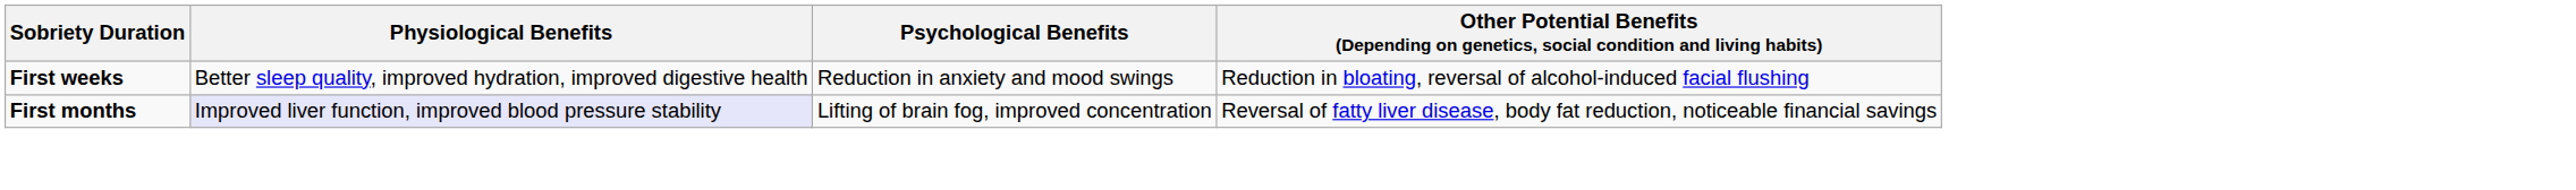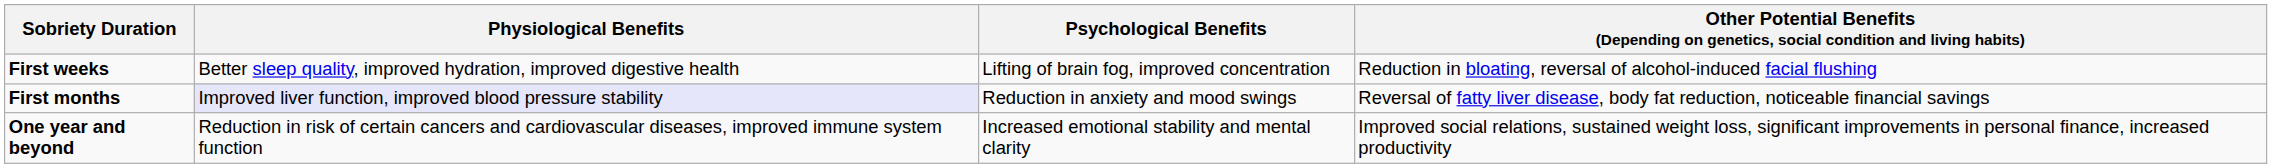 <table class="wikitable">
 <tr>
 <th>Sobriety Duration</th>
 <th>Physiological Benefits</th>
 <th>Psychological Benefits</th>
 <th>Other Potential Benefits <br> <small>(Depending on genetics, social condition and living habits)</small></th>
 </tr>
 <tr>
 <td><strong>First weeks</strong></td>
 <td>Better <a href='#'>sleep quality</a>, improved hydration, improved digestive health</td>
-<td>Reduction in anxiety and mood swings</td>
+<td>Lifting of brain fog, improved concentration</td>
 <td>Reduction in <a href='#'>bloating</a>, reversal of alcohol-induced <a href='#'> facial flushing</a></td>
 </tr>
 <tr>
 <td><strong>First months</strong></td>
 <td style="background: lavender;">Improved liver function, improved blood pressure stability</td>
-<td>Lifting of brain fog, improved concentration</td>
+<td>Reduction in anxiety and mood swings</td>
 <td>Reversal of <a href='#'>fatty liver disease</a>, body fat reduction, noticeable financial savings</td>
 </tr>
+<tr>
+<td><strong>One year and beyond</strong></td>
+<td>Reduction in risk of certain cancers and cardiovascular diseases, improved immune system function</td>
+<td>Increased emotional stability and mental clarity</td>
+<td>Improved social relations, sustained weight loss, significant improvements in personal finance, increased productivity</td>
+</tr>
 </table>
